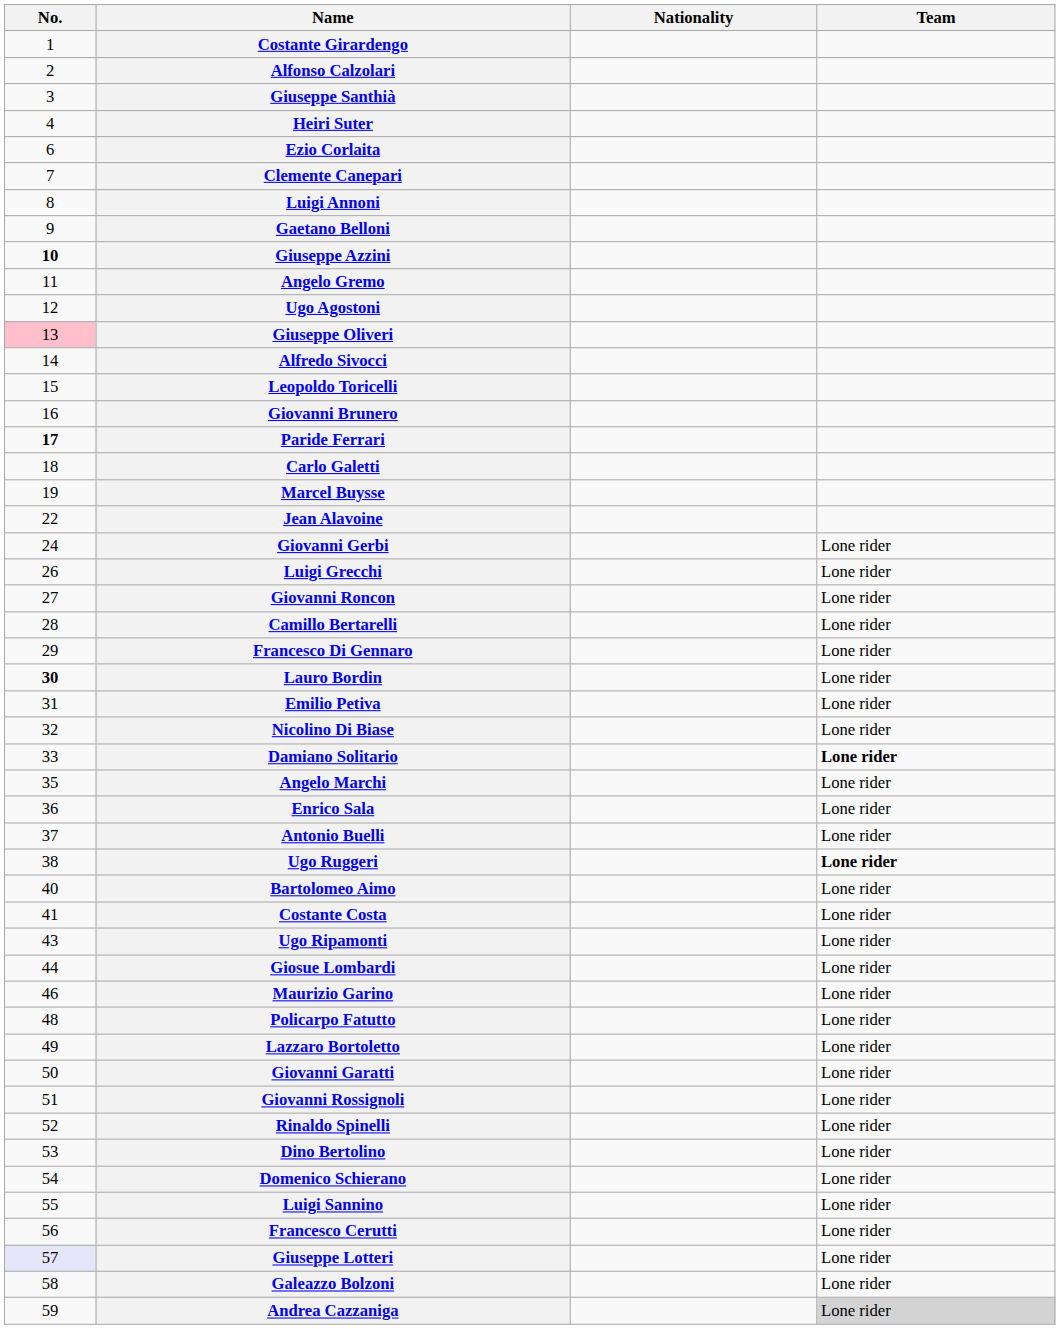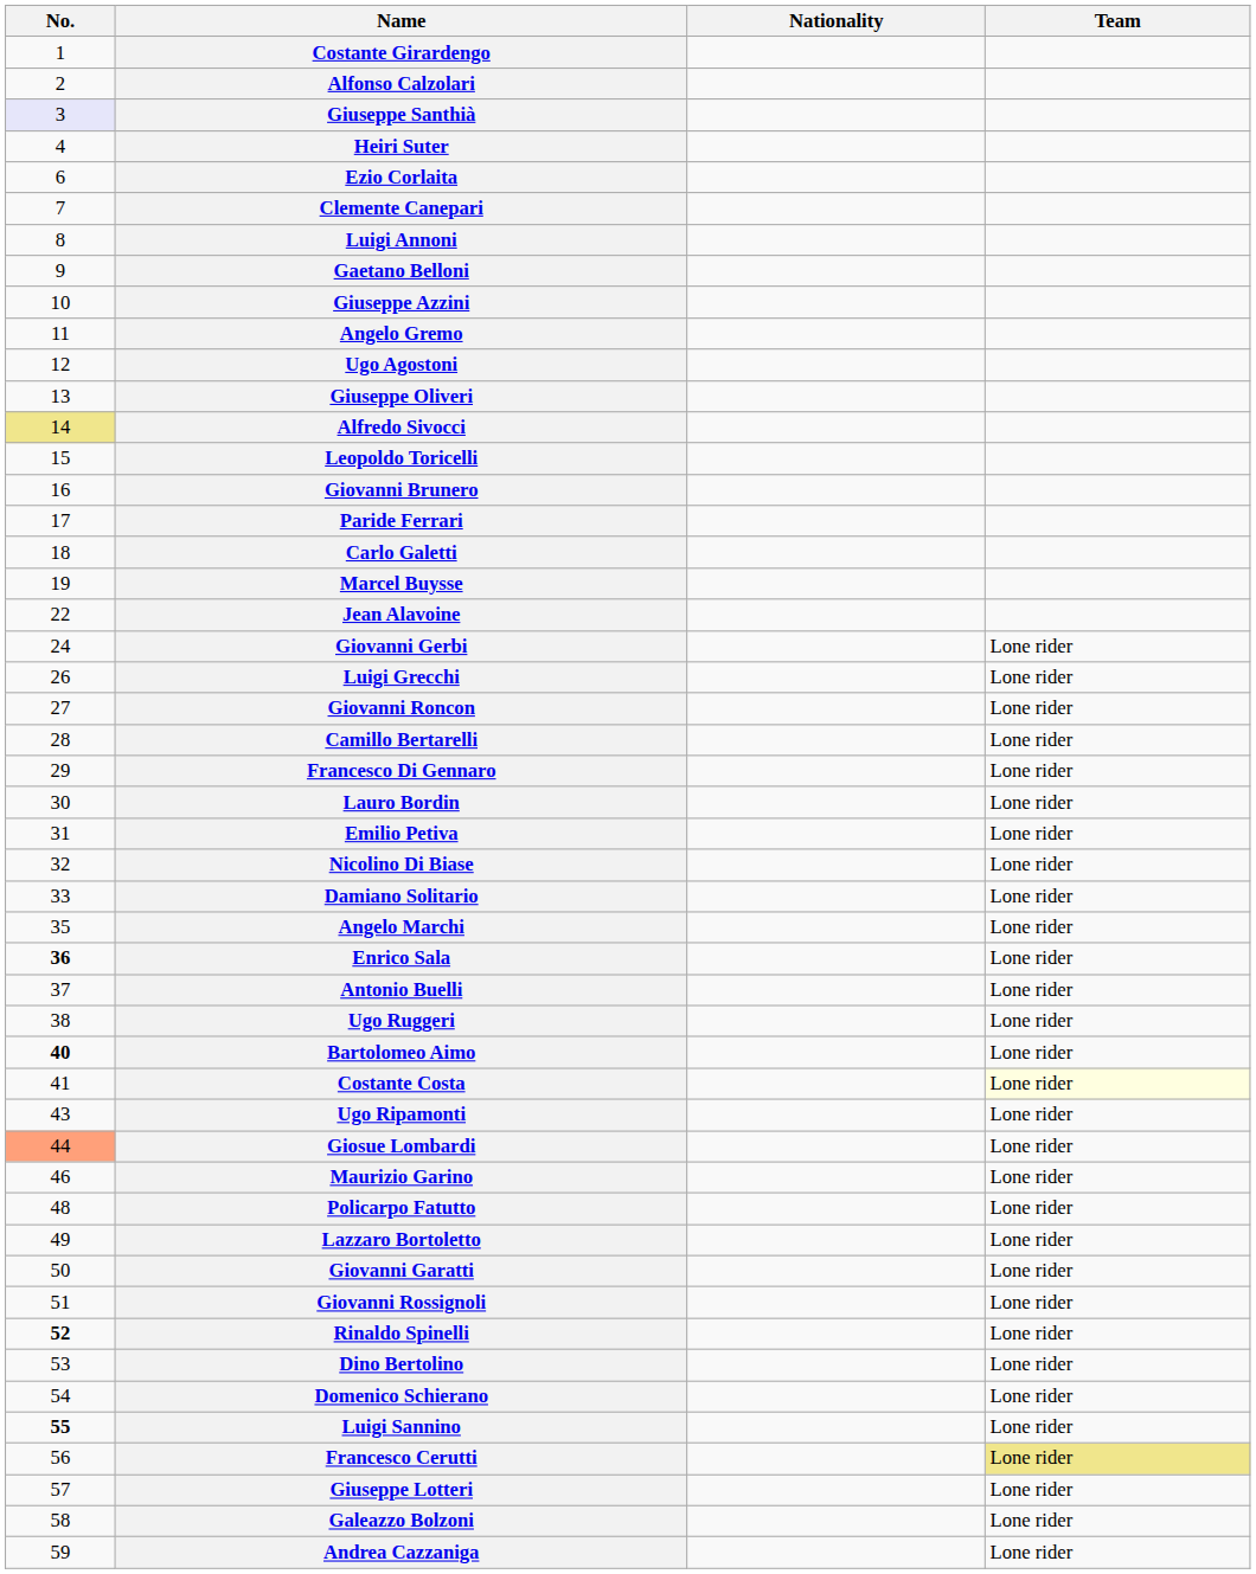 <table class="wikitable plainrowheaders sortable" style="width:80%">
 <tr>
 <th scope="col">No.</th>
 <th scope="col">Name</th>
 <th scope="col">Nationality</th>
 <th scope="col">Team</th>
 </tr>
 <tr>
 <td style="text-align:center;">1</td>
 <th scope="row"><a href='#'>Costante Girardengo</a></th>
 <td></td>
 <td></td>
 </tr>
 <tr>
 <td style="text-align:center;">2</td>
 <th scope="row"><a href='#'>Alfonso Calzolari</a></th>
 <td></td>
 <td></td>
 </tr>
 <tr>
-<td style="text-align:center;">3</td>
+<td style="background: lavender; text-align:center;">3</td>
 <th scope="row"><a href='#'>Giuseppe Santhià</a></th>
 <td></td>
 <td></td>
 </tr>
 <tr>
 <td style="text-align:center;">4</td>
 <th scope="row"><a href='#'>Heiri Suter</a></th>
 <td></td>
 <td></td>
 </tr>
 <tr>
 <td style="text-align:center;">6</td>
 <th scope="row"><a href='#'>Ezio Corlaita</a></th>
 <td></td>
 <td></td>
 </tr>
 <tr>
 <td style="text-align:center;">7</td>
 <th scope="row"><a href='#'>Clemente Canepari</a></th>
 <td></td>
 <td></td>
 </tr>
 <tr>
 <td style="text-align:center;">8</td>
 <th scope="row"><a href='#'>Luigi Annoni</a></th>
 <td></td>
 <td></td>
 </tr>
 <tr>
 <td style="text-align:center;">9</td>
 <th scope="row"><a href='#'>Gaetano Belloni</a></th>
 <td></td>
 <td></td>
 </tr>
 <tr>
-<td style="text-align:center;"><strong>10</strong></td>
+<td style="text-align:center;">10</td>
 <th scope="row"><a href='#'>Giuseppe Azzini</a></th>
 <td></td>
 <td></td>
 </tr>
 <tr>
 <td style="text-align:center;">11</td>
 <th scope="row"><a href='#'>Angelo Gremo</a></th>
 <td></td>
 <td></td>
 </tr>
 <tr>
 <td style="text-align:center;">12</td>
 <th scope="row"><a href='#'>Ugo Agostoni</a></th>
 <td></td>
 <td></td>
 </tr>
 <tr>
-<td style="background: pink; text-align:center;">13</td>
+<td style="text-align:center;">13</td>
 <th scope="row"><a href='#'>Giuseppe Oliveri</a></th>
 <td></td>
 <td></td>
 </tr>
 <tr>
-<td style="text-align:center;">14</td>
+<td style="background: khaki; text-align:center;">14</td>
 <th scope="row"><a href='#'>Alfredo Sivocci</a></th>
 <td></td>
 <td></td>
 </tr>
 <tr>
 <td style="text-align:center;">15</td>
 <th scope="row"><a href='#'>Leopoldo Toricelli</a></th>
 <td></td>
 <td></td>
 </tr>
 <tr>
 <td style="text-align:center;">16</td>
 <th scope="row"><a href='#'>Giovanni Brunero</a></th>
 <td></td>
 <td></td>
 </tr>
 <tr>
-<td style="text-align:center;"><strong>17</strong></td>
+<td style="text-align:center;">17</td>
 <th scope="row"><a href='#'>Paride Ferrari</a></th>
 <td></td>
 <td></td>
 </tr>
 <tr>
 <td style="text-align:center;">18</td>
 <th scope="row"><a href='#'>Carlo Galetti</a></th>
 <td></td>
 <td></td>
 </tr>
 <tr>
 <td style="text-align:center;">19</td>
 <th scope="row"><a href='#'>Marcel Buysse</a></th>
 <td></td>
 <td></td>
 </tr>
 <tr>
 <td style="text-align:center;">22</td>
 <th scope="row"><a href='#'>Jean Alavoine</a></th>
 <td></td>
 <td></td>
 </tr>
 <tr>
 <td style="text-align:center;">24</td>
 <th scope="row"><a href='#'>Giovanni Gerbi</a></th>
 <td></td>
 <td>Lone rider</td>
 </tr>
 <tr>
 <td style="text-align:center;">26</td>
 <th scope="row"><a href='#'>Luigi Grecchi</a></th>
 <td></td>
 <td>Lone rider</td>
 </tr>
 <tr>
 <td style="text-align:center;">27</td>
 <th scope="row"><a href='#'>Giovanni Roncon</a></th>
 <td></td>
 <td>Lone rider</td>
 </tr>
 <tr>
 <td style="text-align:center;">28</td>
 <th scope="row"><a href='#'>Camillo Bertarelli</a></th>
 <td></td>
 <td>Lone rider</td>
 </tr>
 <tr>
 <td style="text-align:center;">29</td>
 <th scope="row"><a href='#'>Francesco Di Gennaro</a></th>
 <td></td>
 <td>Lone rider</td>
 </tr>
 <tr>
-<td style="text-align:center;"><strong>30</strong></td>
+<td style="text-align:center;">30</td>
 <th scope="row"><a href='#'>Lauro Bordin</a></th>
 <td></td>
 <td>Lone rider</td>
 </tr>
 <tr>
 <td style="text-align:center;">31</td>
 <th scope="row"><a href='#'>Emilio Petiva</a></th>
 <td></td>
 <td>Lone rider</td>
 </tr>
 <tr>
 <td style="text-align:center;">32</td>
 <th scope="row"><a href='#'>Nicolino Di Biase</a></th>
 <td></td>
 <td>Lone rider</td>
 </tr>
 <tr>
 <td style="text-align:center;">33</td>
 <th scope="row"><a href='#'>Damiano Solitario</a></th>
 <td></td>
-<td><strong>Lone rider</strong></td>
+<td>Lone rider</td>
 </tr>
 <tr>
 <td style="text-align:center;">35</td>
 <th scope="row"><a href='#'>Angelo Marchi</a></th>
 <td></td>
 <td>Lone rider</td>
 </tr>
 <tr>
-<td style="text-align:center;">36</td>
+<td style="text-align:center;"><strong>36</strong></td>
 <th scope="row"><a href='#'>Enrico Sala</a></th>
 <td></td>
 <td>Lone rider</td>
 </tr>
 <tr>
 <td style="text-align:center;">37</td>
 <th scope="row"><a href='#'>Antonio Buelli</a></th>
 <td></td>
 <td>Lone rider</td>
 </tr>
 <tr>
 <td style="text-align:center;">38</td>
 <th scope="row"><a href='#'>Ugo Ruggeri</a></th>
 <td></td>
-<td><strong>Lone rider</strong></td>
+<td>Lone rider</td>
 </tr>
 <tr>
-<td style="text-align:center;">40</td>
+<td style="text-align:center;"><strong>40</strong></td>
 <th scope="row"><a href='#'>Bartolomeo Aimo</a></th>
 <td></td>
 <td>Lone rider</td>
 </tr>
 <tr>
 <td style="text-align:center;">41</td>
 <th scope="row"><a href='#'>Costante Costa</a></th>
 <td></td>
-<td>Lone rider</td>
+<td style="background: lightyellow;">Lone rider</td>
 </tr>
 <tr>
 <td style="text-align:center;">43</td>
 <th scope="row"><a href='#'>Ugo Ripamonti</a></th>
 <td></td>
 <td>Lone rider</td>
 </tr>
 <tr>
-<td style="text-align:center;">44</td>
+<td style="background: lightsalmon; text-align:center;">44</td>
 <th scope="row"><a href='#'>Giosue Lombardi</a></th>
 <td></td>
 <td>Lone rider</td>
 </tr>
 <tr>
 <td style="text-align:center;">46</td>
 <th scope="row"><a href='#'>Maurizio Garino</a></th>
 <td></td>
 <td>Lone rider</td>
 </tr>
 <tr>
 <td style="text-align:center;">48</td>
 <th scope="row"><a href='#'>Policarpo Fatutto</a></th>
 <td></td>
 <td>Lone rider</td>
 </tr>
 <tr>
 <td style="text-align:center;">49</td>
 <th scope="row"><a href='#'>Lazzaro Bortoletto</a></th>
 <td></td>
 <td>Lone rider</td>
 </tr>
 <tr>
 <td style="text-align:center;">50</td>
 <th scope="row"><a href='#'>Giovanni Garatti</a></th>
 <td></td>
 <td>Lone rider</td>
 </tr>
 <tr>
 <td style="text-align:center;">51</td>
 <th scope="row"><a href='#'>Giovanni Rossignoli</a></th>
 <td></td>
 <td>Lone rider</td>
 </tr>
 <tr>
-<td style="text-align:center;">52</td>
+<td style="text-align:center;"><strong>52</strong></td>
 <th scope="row"><a href='#'>Rinaldo Spinelli</a></th>
 <td></td>
 <td>Lone rider</td>
 </tr>
 <tr>
 <td style="text-align:center;">53</td>
 <th scope="row"><a href='#'>Dino Bertolino</a></th>
 <td></td>
 <td>Lone rider</td>
 </tr>
 <tr>
 <td style="text-align:center;">54</td>
 <th scope="row"><a href='#'>Domenico Schierano</a></th>
 <td></td>
 <td>Lone rider</td>
 </tr>
 <tr>
-<td style="text-align:center;">55</td>
+<td style="text-align:center;"><strong>55</strong></td>
 <th scope="row"><a href='#'>Luigi Sannino</a></th>
 <td></td>
 <td>Lone rider</td>
 </tr>
 <tr>
 <td style="text-align:center;">56</td>
 <th scope="row"><a href='#'>Francesco Cerutti</a></th>
 <td></td>
-<td>Lone rider</td>
+<td style="background: khaki;">Lone rider</td>
 </tr>
 <tr>
-<td style="background: lavender; text-align:center;">57</td>
+<td style="text-align:center;">57</td>
 <th scope="row"><a href='#'>Giuseppe Lotteri</a></th>
 <td></td>
 <td>Lone rider</td>
 </tr>
 <tr>
 <td style="text-align:center;">58</td>
 <th scope="row"><a href='#'>Galeazzo Bolzoni</a></th>
 <td></td>
 <td>Lone rider</td>
 </tr>
 <tr>
 <td style="text-align:center;">59</td>
 <th scope="row"><a href='#'>Andrea Cazzaniga</a></th>
 <td></td>
-<td style="background: lightgrey;">Lone rider</td>
+<td>Lone rider</td>
 </tr>
 </table>
